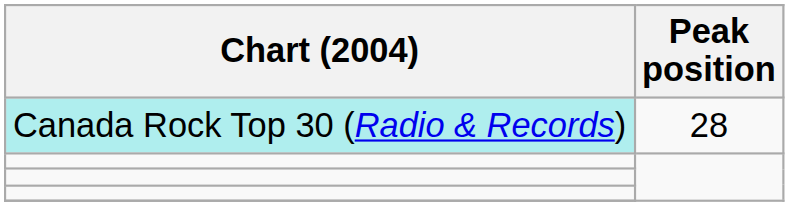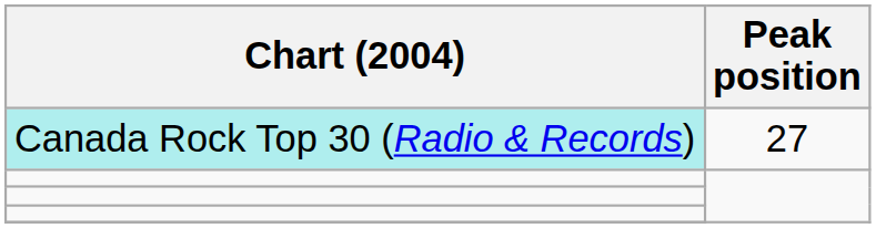 <table class="wikitable sortable">
 <tr>
 <th>Chart (2004)</th>
 <th>Peak<br>position</th>
 </tr>
 <tr>
 <td style="background: paleturquoise;">Canada Rock Top 30 (<em><a href='#'>Radio & Records</a></em>)</td>
-<td align="center">28</td>
+<td align="center">27</td>
 </tr>
 <tr>
 <td></td>
 </tr>
 <tr>
 <td></td>
 </tr>
 <tr>
 <td></td>
 </tr>
 <tr>
 </tr>
 </table>
